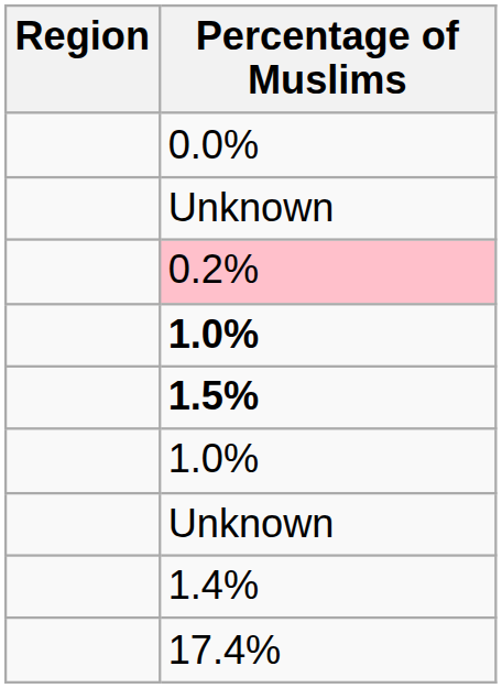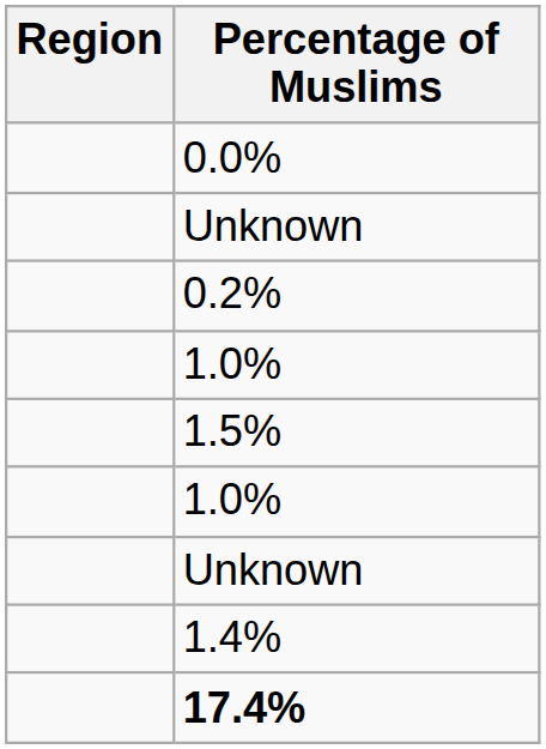 <table class="wikitable sortable" style="font-size:100;" cellspacing="4">
 <tr valign="top">
 <th>Region</th>
 <th data-sort-type="number" style="max-width:8em">Percentage of Muslims</th>
 </tr>
 <tr>
 <td></td>
 <td>0.0%</td>
 </tr>
 <tr>
 <td></td>
 <td>Unknown</td>
 </tr>
 <tr>
 <td></td>
-<td style="background: pink;">0.2%</td>
+<td>0.2%</td>
 </tr>
 <tr>
 <td></td>
-<td><strong>1.0%</strong></td>
+<td>1.0%</td>
 </tr>
 <tr>
 <td></td>
-<td><strong>1.5%</strong></td>
+<td>1.5%</td>
 </tr>
 <tr>
 <td></td>
 <td>1.0%</td>
 </tr>
 <tr>
 <td></td>
 <td>Unknown</td>
 </tr>
 <tr>
 <td></td>
 <td>1.4%</td>
 </tr>
 <tr>
 <td></td>
-<td>17.4%</td>
+<td><strong>17.4%</strong></td>
 </tr>
 </table>
